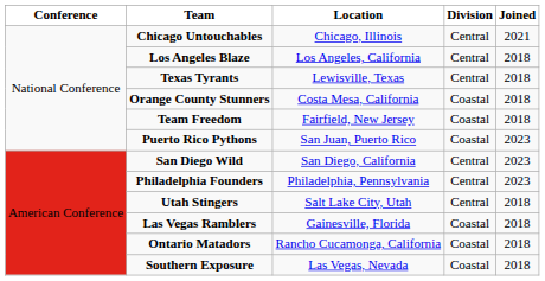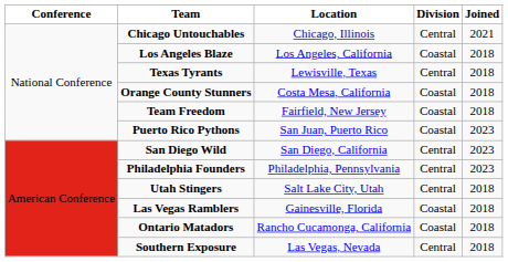 <table class="wikitable sortable" style="text-align:center">
 <tr>
 <th scope="col" style="background:white">Conference</th>
 <th scope="col" style="background:white">Team</th>
 <th scope="col" style="background:white">Location</th>
 <th scope="col" style="background:white">Division</th>
 <th scope="col" style="background:white">Joined</th>
 </tr>
 <tr>
 <td rowspan="6"><span>National Conference</span></td>
 <td scope="row"><strong>Chicago Untouchables</strong></td>
 <td><a href='#'>Chicago, Illinois</a></td>
 <td>Central</td>
 <td align=center>2021</td>
 </tr>
 <tr>
 <td scope="row"><strong>Los Angeles Blaze</strong></td>
 <td><a href='#'>Los Angeles, California</a></td>
-<td>Central</td>
+<td>Coastal</td>
 <td align=center>2018</td>
 </tr>
 <tr>
 <td scope="row"><strong>Texas Tyrants</strong></td>
 <td><a href='#'>Lewisville, Texas</a></td>
 <td>Central</td>
 <td align="center">2018</td>
 </tr>
 <tr>
 <td scope="row"><strong>Orange County Stunners</strong></td>
 <td><a href='#'>Costa Mesa, California</a></td>
 <td>Coastal</td>
 <td align=center>2018</td>
 </tr>
 <tr>
 <td scope="row"><strong>Team Freedom</strong></td>
 <td><a href='#'>Fairfield, New Jersey</a></td>
 <td>Coastal</td>
 <td align=center>2018</td>
 </tr>
 <tr>
 <td scope="row"><strong>Puerto Rico Pythons</strong></td>
 <td><a href='#'>San Juan, Puerto Rico</a></td>
 <td>Coastal</td>
 <td align="center">2023</td>
 </tr>
 <tr>
 <td rowspan="6" style="background:#E2231A;"><span>American Conference</span></td>
 <td scope="row"><strong>San Diego Wild</strong></td>
 <td><a href='#'>San Diego, California</a></td>
 <td>Central</td>
 <td align=center>2023</td>
 </tr>
 <tr>
 <td scope="row"><strong>Philadelphia Founders</strong></td>
 <td><a href='#'>Philadelphia, Pennsylvania</a></td>
 <td>Central</td>
 <td align=center>2023</td>
 </tr>
 <tr>
 <td scope="row"><strong>Utah Stingers</strong></td>
 <td><a href='#'>Salt Lake City, Utah</a></td>
 <td>Central</td>
 <td align="center">2018</td>
 </tr>
 <tr>
 <td scope="row"><strong>Las Vegas Ramblers</strong></td>
 <td><a href='#'>Gainesville, Florida</a></td>
 <td>Coastal</td>
 <td align=center>2018</td>
 </tr>
 <tr>
 <td scope="row"><strong>Ontario Matadors</strong></td>
 <td><a href='#'>Rancho Cucamonga, California</a></td>
 <td>Coastal</td>
 <td align=center>2018</td>
 </tr>
 <tr>
 <td scope="row"><strong>Southern Exposure</strong></td>
 <td><a href='#'>Las Vegas, Nevada</a></td>
-<td>Coastal</td>
+<td>Central</td>
 <td align=center>2018</td>
 </tr>
 </table>
